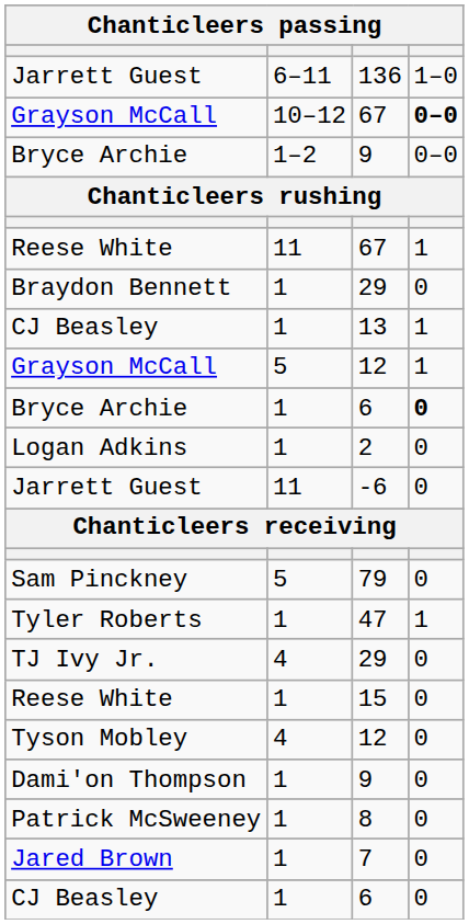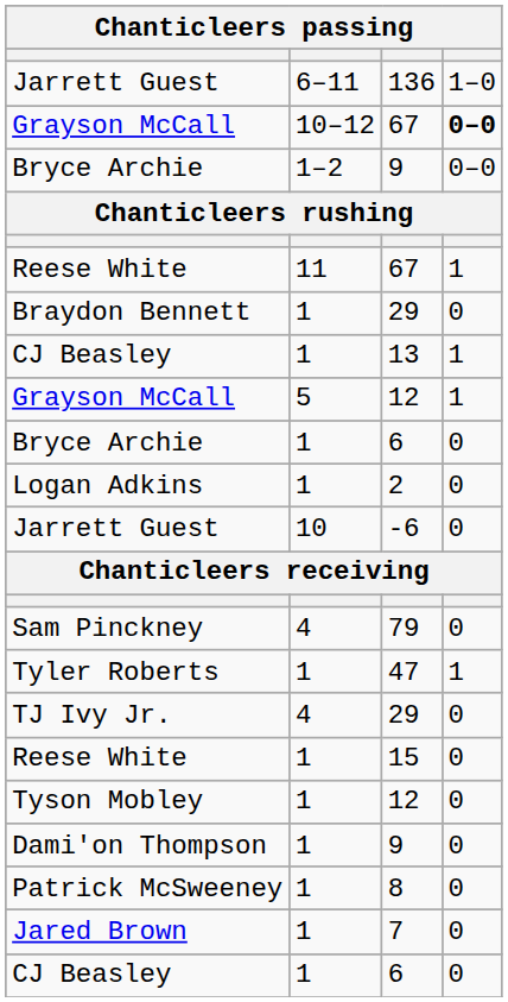 <table class="wikitable plainrowheaders">
 <tr>
 <th colspan="6">Chanticleers passing</th>
 </tr>
 <tr>
 <th scope="col"></th>
 <th scope="col"></th>
 <th scope="col"></th>
 <th scope="col"></th>
 </tr>
 <tr>
 <td>Jarrett Guest</td>
 <td>6–11</td>
 <td>136</td>
 <td>1–0</td>
 </tr>
 <tr>
 <td><a href='#'>Grayson McCall</a></td>
 <td>10–12</td>
 <td>67</td>
 <td><strong>0–0</strong></td>
 </tr>
 <tr>
 <td>Bryce Archie</td>
 <td>1–2</td>
 <td>9</td>
 <td>0–0</td>
 </tr>
 <tr>
 <th colspan="6">Chanticleers rushing</th>
 </tr>
 <tr>
 <th scope="col"></th>
 <th scope="col"></th>
 <th scope="col"></th>
 <th scope="col"></th>
 </tr>
 <tr>
 <td>Reese White</td>
 <td>11</td>
 <td>67</td>
 <td>1</td>
 </tr>
 <tr>
 <td>Braydon Bennett</td>
 <td>1</td>
 <td>29</td>
 <td>0</td>
 </tr>
 <tr>
 <td>CJ Beasley</td>
 <td>1</td>
 <td>13</td>
 <td>1</td>
 </tr>
 <tr>
 <td><a href='#'>Grayson McCall</a></td>
 <td>5</td>
 <td>12</td>
 <td>1</td>
 </tr>
 <tr>
 <td>Bryce Archie</td>
 <td>1</td>
 <td>6</td>
-<td><strong>0</strong></td>
+<td>0</td>
 </tr>
 <tr>
 <td>Logan Adkins</td>
 <td>1</td>
 <td>2</td>
 <td>0</td>
 </tr>
 <tr>
 <td>Jarrett Guest</td>
-<td>11</td>
+<td>10</td>
 <td>-6</td>
 <td>0</td>
 </tr>
 <tr>
 <th colspan="6">Chanticleers receiving</th>
 </tr>
 <tr>
 <th scope="col"></th>
 <th scope="col"></th>
 <th scope="col"></th>
 <th scope="col"></th>
 </tr>
 <tr>
 <td>Sam Pinckney</td>
-<td>5</td>
+<td>4</td>
 <td>79</td>
 <td>0</td>
 </tr>
 <tr>
 <td>Tyler Roberts</td>
 <td>1</td>
 <td>47</td>
 <td>1</td>
 </tr>
 <tr>
 <td>TJ Ivy Jr.</td>
 <td>4</td>
 <td>29</td>
 <td>0</td>
 </tr>
 <tr>
 <td>Reese White</td>
 <td>1</td>
 <td>15</td>
 <td>0</td>
 </tr>
 <tr>
 <td>Tyson Mobley</td>
-<td>4</td>
+<td>1</td>
 <td>12</td>
 <td>0</td>
 </tr>
 <tr>
 <td>Dami'on Thompson</td>
 <td>1</td>
 <td>9</td>
 <td>0</td>
 </tr>
 <tr>
 <td>Patrick McSweeney</td>
 <td>1</td>
 <td>8</td>
 <td>0</td>
 </tr>
 <tr>
 <td><a href='#'>Jared Brown</a></td>
 <td>1</td>
 <td>7</td>
 <td>0</td>
 </tr>
 <tr>
 <td>CJ Beasley</td>
 <td>1</td>
 <td>6</td>
 <td>0</td>
 </tr>
 </table>
